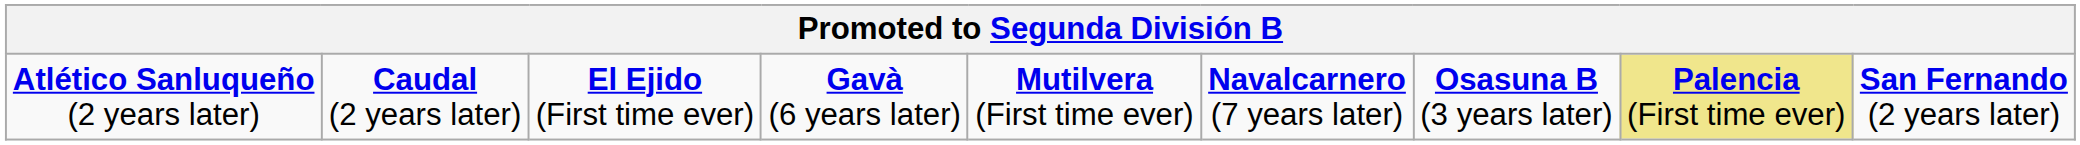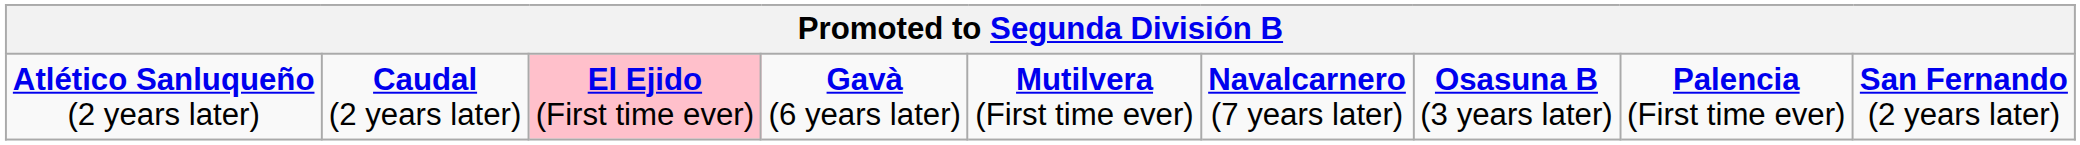 <table class="wikitable" style="text-align: center; margin: 0 auto;">
 <tr>
 <th colspan="9">Promoted to <a href='#'>Segunda División B</a></th>
 </tr>
 <tr>
 <td><strong><a href='#'>Atlético Sanluqueño</a></strong><br>(2 years later)</td>
 <td><strong><a href='#'>Caudal</a></strong><br>(2 years later)</td>
-<td><strong><a href='#'>El Ejido</a></strong><br>(First time ever)</td>
+<td style="background: pink;"><strong><a href='#'>El Ejido</a></strong><br>(First time ever)</td>
 <td><strong><a href='#'>Gavà</a></strong><br>(6 years later)</td>
 <td><strong><a href='#'>Mutilvera</a></strong><br>(First time ever)</td>
 <td><strong><a href='#'>Navalcarnero</a></strong><br>(7 years later)</td>
 <td><strong><a href='#'>Osasuna B</a></strong><br>(3 years later)</td>
-<td style="background: khaki;"><strong><a href='#'>Palencia</a></strong><br>(First time ever)</td>
+<td><strong><a href='#'>Palencia</a></strong><br>(First time ever)</td>
 <td><strong><a href='#'>San Fernando</a></strong><br>(2 years later)</td>
 </tr>
 </table>
